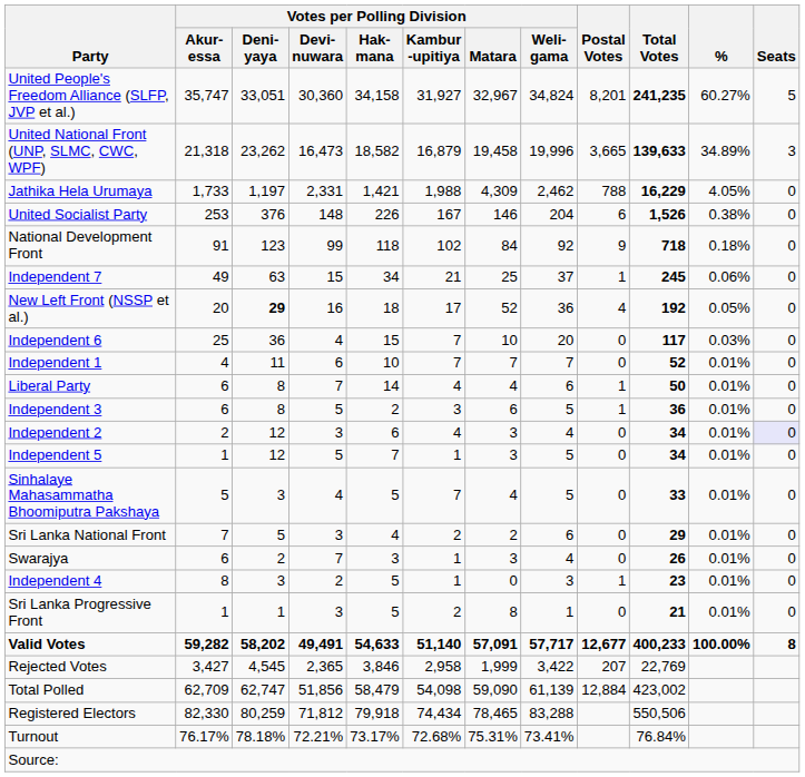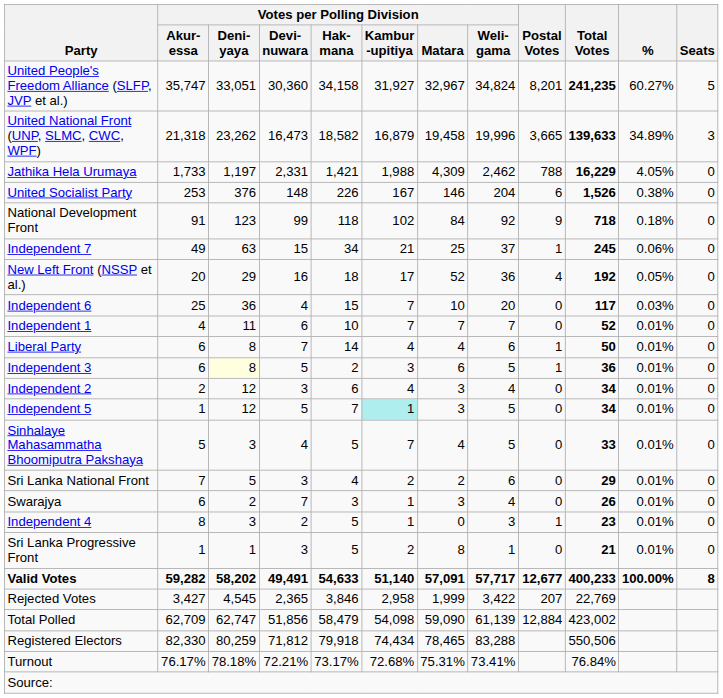 <table class="wikitable" border="1" style="text-align:right;">
 <tr>
 <th align=left valign=bottom rowspan=2 width="180">Party</th>
 <th colspan=7>Votes per Polling Division</th>
 <th align=center valign=bottom rowspan=2 width="50">Postal<br>Votes</th>
 <th align=center valign=bottom rowspan=2 width="50">Total Votes</th>
 <th align=center valign=bottom rowspan=2 width="50">%</th>
 <th align=center valign=bottom rowspan=2 width="40">Seats</th>
 </tr>
 <tr>
 <th align=center valign=bottom width="50">Akur-<br>essa</th>
 <th align=center valign=bottom width="50">Deni-<br>yaya</th>
 <th align=center valign=bottom width="50">Devi-<br>nuwara</th>
 <th align=center valign=bottom width="50">Hak-<br>mana</th>
 <th align=center valign=bottom width="50">Kambur<br>-upitiya</th>
 <th align=center valign=bottom width="50">Matara</th>
 <th align=center valign=bottom width="50">Weli-<br>gama</th>
 </tr>
 <tr>
 <td align=left><a href='#'>United People's Freedom Alliance</a> (<a href='#'>SLFP</a>, <a href='#'>JVP</a> et al.)</td>
 <td>35,747</td>
 <td>33,051</td>
 <td>30,360</td>
 <td>34,158</td>
 <td>31,927</td>
 <td>32,967</td>
 <td>34,824</td>
 <td>8,201</td>
 <td><strong>241,235</strong></td>
 <td>60.27%</td>
 <td>5</td>
 </tr>
 <tr>
 <td align=left><a href='#'>United National Front</a><br>(<a href='#'>UNP</a>, <a href='#'>SLMC</a>, <a href='#'>CWC</a>, <a href='#'>WPF</a>)</td>
 <td>21,318</td>
 <td>23,262</td>
 <td>16,473</td>
 <td>18,582</td>
 <td>16,879</td>
 <td>19,458</td>
 <td>19,996</td>
 <td>3,665</td>
 <td><strong>139,633</strong></td>
 <td>34.89%</td>
 <td>3</td>
 </tr>
 <tr>
 <td align=left><a href='#'>Jathika Hela Urumaya</a></td>
 <td>1,733</td>
 <td>1,197</td>
 <td>2,331</td>
 <td>1,421</td>
 <td>1,988</td>
 <td>4,309</td>
 <td>2,462</td>
 <td>788</td>
 <td><strong>16,229</strong></td>
 <td>4.05%</td>
 <td>0</td>
 </tr>
 <tr>
 <td align=left><a href='#'>United Socialist Party</a></td>
 <td>253</td>
 <td>376</td>
 <td>148</td>
 <td>226</td>
 <td>167</td>
 <td>146</td>
 <td>204</td>
 <td>6</td>
 <td><strong>1,526</strong></td>
 <td>0.38%</td>
 <td>0</td>
 </tr>
 <tr>
 <td align=left>National Development Front</td>
 <td>91</td>
 <td>123</td>
 <td>99</td>
 <td>118</td>
 <td>102</td>
 <td>84</td>
 <td>92</td>
 <td>9</td>
 <td><strong>718</strong></td>
 <td>0.18%</td>
 <td>0</td>
 </tr>
 <tr>
 <td align=left><a href='#'>Independent 7</a></td>
 <td>49</td>
 <td>63</td>
 <td>15</td>
 <td>34</td>
 <td>21</td>
 <td>25</td>
 <td>37</td>
 <td>1</td>
 <td><strong>245</strong></td>
 <td>0.06%</td>
 <td>0</td>
 </tr>
 <tr>
 <td align=left><a href='#'>New Left Front</a> (<a href='#'>NSSP</a> et al.)</td>
 <td>20</td>
-<td><strong>29</strong></td>
+<td>29</td>
 <td>16</td>
 <td>18</td>
 <td>17</td>
 <td>52</td>
 <td>36</td>
 <td>4</td>
 <td><strong>192</strong></td>
 <td>0.05%</td>
 <td>0</td>
 </tr>
 <tr>
 <td align=left><a href='#'>Independent 6</a></td>
 <td>25</td>
 <td>36</td>
 <td>4</td>
 <td>15</td>
 <td>7</td>
 <td>10</td>
 <td>20</td>
 <td>0</td>
 <td><strong>117</strong></td>
 <td>0.03%</td>
 <td>0</td>
 </tr>
 <tr>
 <td align=left><a href='#'>Independent 1</a></td>
 <td>4</td>
 <td>11</td>
 <td>6</td>
 <td>10</td>
 <td>7</td>
 <td>7</td>
 <td>7</td>
 <td>0</td>
 <td><strong>52</strong></td>
 <td>0.01%</td>
 <td>0</td>
 </tr>
 <tr>
 <td align=left><a href='#'>Liberal Party</a></td>
 <td>6</td>
 <td>8</td>
 <td>7</td>
 <td>14</td>
 <td>4</td>
 <td>4</td>
 <td>6</td>
 <td>1</td>
 <td><strong>50</strong></td>
 <td>0.01%</td>
 <td>0</td>
 </tr>
 <tr>
 <td align=left><a href='#'>Independent 3</a></td>
 <td>6</td>
-<td>8</td>
+<td style="background: lightyellow;">8</td>
 <td>5</td>
 <td>2</td>
 <td>3</td>
 <td>6</td>
 <td>5</td>
 <td>1</td>
 <td><strong>36</strong></td>
 <td>0.01%</td>
 <td>0</td>
 </tr>
 <tr>
 <td align=left><a href='#'>Independent 2</a></td>
 <td>2</td>
 <td>12</td>
 <td>3</td>
 <td>6</td>
 <td>4</td>
 <td>3</td>
 <td>4</td>
 <td>0</td>
 <td><strong>34</strong></td>
 <td>0.01%</td>
-<td style="background: lavender;">0</td>
+<td>0</td>
 </tr>
 <tr>
 <td align=left><a href='#'>Independent 5</a></td>
 <td>1</td>
 <td>12</td>
 <td>5</td>
 <td>7</td>
-<td>1</td>
+<td style="background: paleturquoise;">1</td>
 <td>3</td>
 <td>5</td>
 <td>0</td>
 <td><strong>34</strong></td>
 <td>0.01%</td>
 <td>0</td>
 </tr>
 <tr>
 <td align=left><a href='#'>Sinhalaye Mahasammatha Bhoomiputra Pakshaya</a></td>
 <td>5</td>
 <td>3</td>
 <td>4</td>
 <td>5</td>
 <td>7</td>
 <td>4</td>
 <td>5</td>
 <td>0</td>
 <td><strong>33</strong></td>
 <td>0.01%</td>
 <td>0</td>
 </tr>
 <tr>
 <td align=left>Sri Lanka National Front</td>
 <td>7</td>
 <td>5</td>
 <td>3</td>
 <td>4</td>
 <td>2</td>
 <td>2</td>
 <td>6</td>
 <td>0</td>
 <td><strong>29</strong></td>
 <td>0.01%</td>
 <td>0</td>
 </tr>
 <tr>
 <td align=left>Swarajya</td>
 <td>6</td>
 <td>2</td>
 <td>7</td>
 <td>3</td>
 <td>1</td>
 <td>3</td>
 <td>4</td>
 <td>0</td>
 <td><strong>26</strong></td>
 <td>0.01%</td>
 <td>0</td>
 </tr>
 <tr>
 <td align=left><a href='#'>Independent 4</a></td>
 <td>8</td>
 <td>3</td>
 <td>2</td>
 <td>5</td>
 <td>1</td>
 <td>0</td>
 <td>3</td>
 <td>1</td>
 <td><strong>23</strong></td>
 <td>0.01%</td>
 <td>0</td>
 </tr>
 <tr>
 <td align=left>Sri Lanka Progressive Front</td>
 <td>1</td>
 <td>1</td>
 <td>3</td>
 <td>5</td>
 <td>2</td>
 <td>8</td>
 <td>1</td>
 <td>0</td>
 <td><strong>21</strong></td>
 <td>0.01%</td>
 <td>0</td>
 </tr>
 <tr>
 <td align=left><strong>Valid Votes</strong></td>
 <td><strong>59,282</strong></td>
 <td><strong>58,202</strong></td>
 <td><strong>49,491</strong></td>
 <td><strong>54,633</strong></td>
 <td><strong>51,140</strong></td>
 <td><strong>57,091</strong></td>
 <td><strong>57,717</strong></td>
 <td><strong>12,677</strong></td>
 <td><strong>400,233</strong></td>
 <td><strong>100.00%</strong></td>
 <td><strong>8</strong></td>
 </tr>
 <tr>
 <td align=left>Rejected Votes</td>
 <td>3,427</td>
 <td>4,545</td>
 <td>2,365</td>
 <td>3,846</td>
 <td>2,958</td>
 <td>1,999</td>
 <td>3,422</td>
 <td>207</td>
 <td>22,769</td>
 <td></td>
 <td></td>
 </tr>
 <tr>
 <td align=left>Total Polled</td>
 <td>62,709</td>
 <td>62,747</td>
 <td>51,856</td>
 <td>58,479</td>
 <td>54,098</td>
 <td>59,090</td>
 <td>61,139</td>
 <td>12,884</td>
 <td>423,002</td>
 <td></td>
 <td></td>
 </tr>
 <tr>
 <td align=left>Registered Electors</td>
 <td>82,330</td>
 <td>80,259</td>
 <td>71,812</td>
 <td>79,918</td>
 <td>74,434</td>
 <td>78,465</td>
 <td>83,288</td>
 <td></td>
 <td>550,506</td>
 <td></td>
 <td></td>
 </tr>
 <tr>
 <td align=left>Turnout</td>
 <td>76.17%</td>
 <td>78.18%</td>
 <td>72.21%</td>
 <td>73.17%</td>
 <td>72.68%</td>
 <td>75.31%</td>
 <td>73.41%</td>
 <td></td>
 <td>76.84%</td>
 <td></td>
 <td></td>
 </tr>
 <tr>
 <td align=left colspan=13>Source:</td>
 </tr>
 </table>
